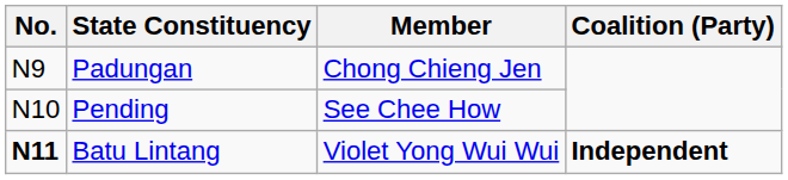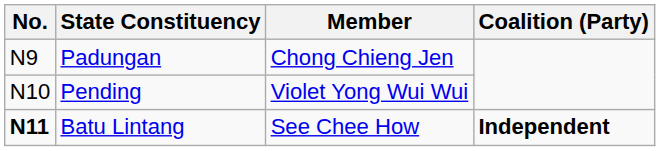 <table class="wikitable">
 <tr>
 <th>No.</th>
 <th>State Constituency</th>
 <th>Member</th>
 <th>Coalition (Party)</th>
 </tr>
 <tr>
 <td>N9</td>
 <td><a href='#'>Padungan</a></td>
 <td><a href='#'>Chong Chieng Jen</a></td>
 <td rowspan="2"></td>
 </tr>
 <tr>
 <td>N10</td>
 <td><a href='#'>Pending</a></td>
-<td><a href='#'>See Chee How</a></td>
+<td><a href='#'>Violet Yong Wui Wui</a></td>
 </tr>
 <tr>
 <td><strong>N11</strong></td>
 <td><a href='#'>Batu Lintang</a></td>
-<td><a href='#'>Violet Yong Wui Wui</a></td>
+<td><a href='#'>See Chee How</a></td>
 <td><strong>Independent</strong></td>
 </tr>
 </table>
